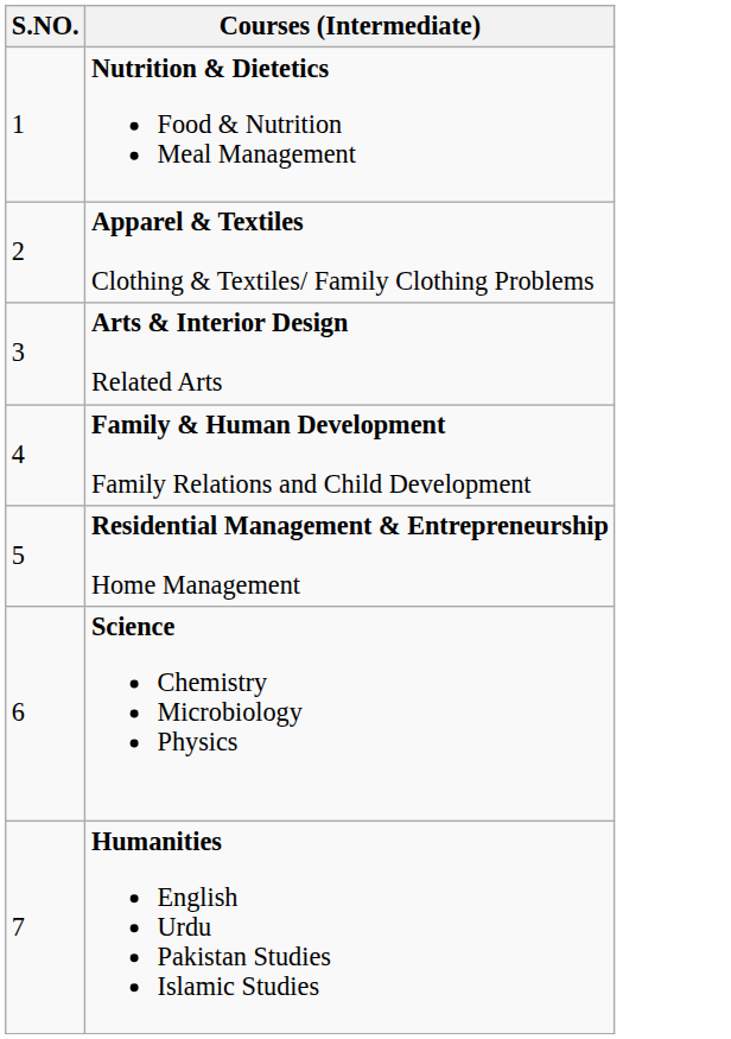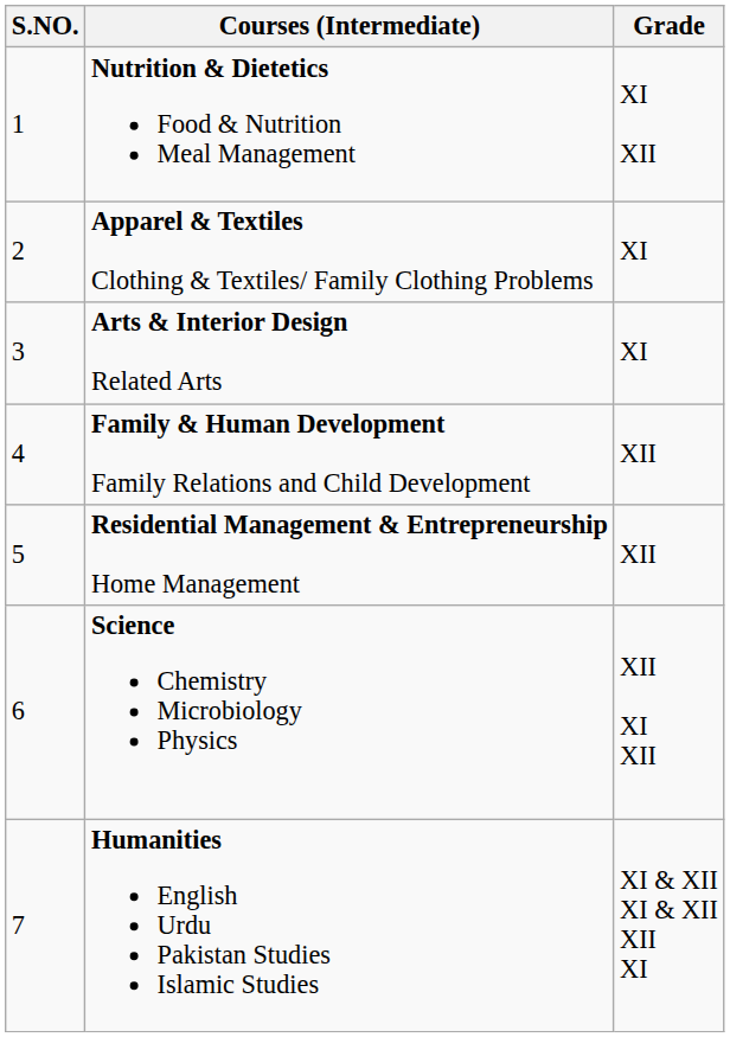 <table class="wikitable">
 <tr>
 <th>S.NO.</th>
 <th>Courses (Intermediate)</th>
+<th>Grade</th>
 </tr>
 <tr>
 <td>1</td>
 <td><strong>Nutrition & Dietetics</strong><br><ul><li>Food & Nutrition</li><li>Meal Management</li></ul></td>
+<td>XI<br><br>XII</td>
 </tr>
 <tr>
 <td>2</td>
 <td><strong>Apparel & Textiles</strong><br><br>Clothing & Textiles/ Family Clothing Problems</td>
+<td>XI</td>
 </tr>
 <tr>
 <td>3</td>
 <td><strong>Arts & Interior Design</strong><br><br>Related Arts <br></td>
+<td>XI</td>
 </tr>
 <tr>
 <td>4</td>
 <td><strong>Family & Human Development</strong><br><br>Family Relations and Child Development<br></td>
+<td>XII</td>
 </tr>
 <tr>
 <td>5</td>
 <td><strong>Residential Management & Entrepreneurship</strong><br><br>Home Management<br></td>
+<td>XII</td>
 </tr>
 <tr>
 <td>6</td>
 <td><strong>Science</strong><br><ul><li>Chemistry</li><li>Microbiology</li><li>Physics</li></ul><br></td>
+<td>XII<br><br>XI<br> XII</td>
 </tr>
 <tr>
 <td>7</td>
 <td><strong>Humanities</strong><br><ul><li>English</li><li>Urdu</li><li>Pakistan Studies</li><li>Islamic Studies</li></ul></td>
+<td>XI & XII<br>XI & XII <br> XII <br> XI</td>
 </tr>
 </table>
